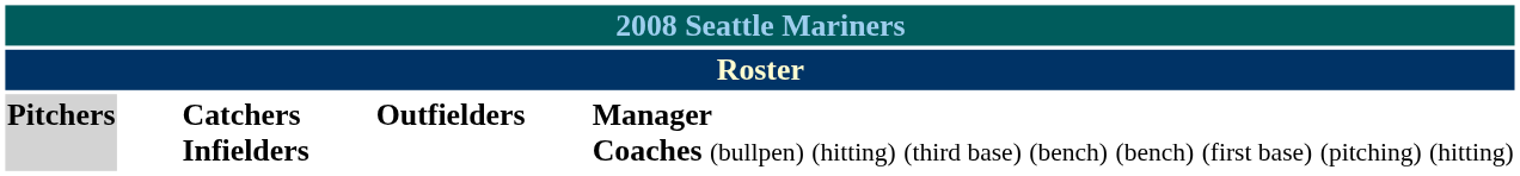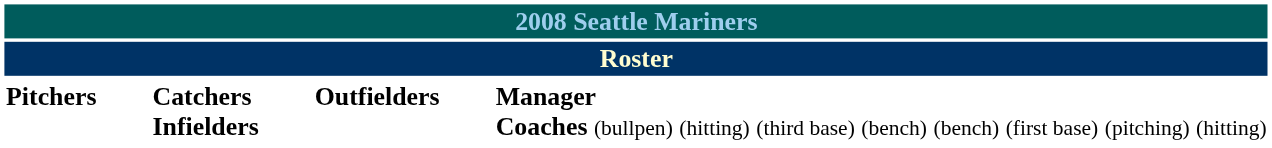 <table class="toccolours" style="font-size: 95%;">
 <tr>
 <th colspan="10" style="background-color: #005c5c; color:#9ECEEE; text-align: center;">2008 Seattle Mariners</th>
 </tr>
 <tr>
 <td colspan="10" style="background-color: #003366; color: #FFFDD0; text-align: center;"><strong>Roster</strong></td>
 </tr>
 <tr>
-<td valign="top" style="background: lightgrey;"><strong>Pitchers</strong><br>                    </td>
+<td valign="top"><strong>Pitchers</strong><br>                    </td>
 <td width="25px"></td>
 <td valign="top"><strong>Catchers</strong><br>    <strong>Infielders</strong>           </td>
 <td width="25px"></td>
 <td valign="top"><strong>Outfielders</strong><br>       </td>
 <td width="25px"></td>
 <td valign="top"><strong>Manager</strong><br>  <strong>Coaches</strong>  <small>(bullpen)</small>  <small>(hitting)</small>  <small>(third base)</small>  <small>(bench)</small>  <small>(bench)</small>  <small>(first base)</small>  <small>(pitching)</small>  <small>(hitting)</small></td>
 </tr>
 </table>
